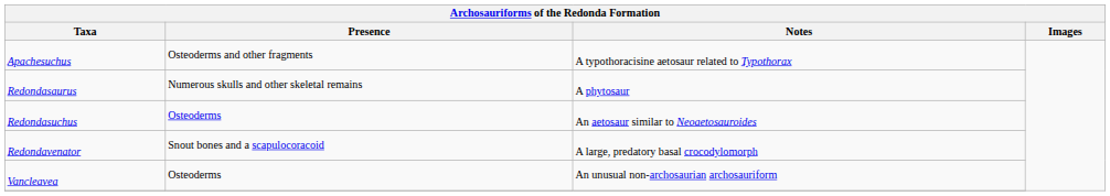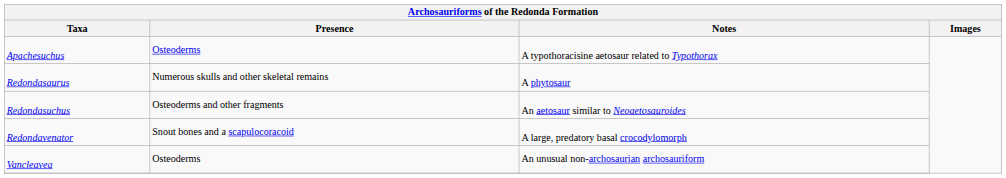 <table class="wikitable" align="center" width="100%">
 <tr>
 <th colspan="5" align="center"><strong><a href='#'>Archosauriforms</a> of the Redonda Formation</strong></th>
 </tr>
 <tr>
 <th>Taxa</th>
 <th>Presence</th>
 <th>Notes</th>
 <th>Images</th>
 </tr>
 <tr>
 <td><br><em><a href='#'>Apachesuchus</a></em></td>
-<td>Osteoderms and other fragments</td>
+<td><a href='#'>Osteoderms</a></td>
 <td><br>A typothoracisine aetosaur related to <em><a href='#'>Typothorax</a></em></td>
 <td rowspan="99"><br> </td>
 </tr>
 <tr>
 <td><br><em><a href='#'>Redondasaurus</a></em></td>
 <td>Numerous skulls and other skeletal remains</td>
 <td><br>A <a href='#'>phytosaur</a></td>
 </tr>
 <tr>
 <td><br><em><a href='#'>Redondasuchus</a></em></td>
-<td><a href='#'>Osteoderms</a></td>
+<td>Osteoderms and other fragments</td>
 <td><br>An <a href='#'>aetosaur</a> similar to <em><a href='#'>Neoaetosauroides</a></em></td>
 </tr>
 <tr>
 <td><br><em><a href='#'>Redondavenator</a></em></td>
 <td>Snout bones and a <a href='#'>scapulocoracoid</a></td>
 <td><br>A large, predatory basal <a href='#'>crocodylomorph</a></td>
 </tr>
 <tr>
 <td><br><em><a href='#'>Vancleavea</a></em></td>
 <td>Osteoderms</td>
 <td>An unusual non-<a href='#'>archosaurian</a> <a href='#'>archosauriform</a></td>
 </tr>
 <tr>
 </tr>
 </table>
